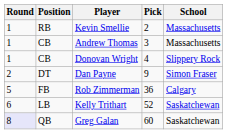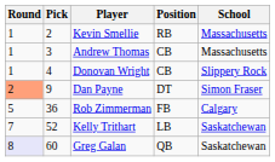 <table class="wikitable" style="font-size: 95%;">
 <tr>
 <th scope="col">Round</th>
+<th scope="col">Pick</th>
+<th scope="col">Player</th>
 <th scope="col">Position</th>
-<th scope="col">Player</th>
-<th scope="col">Pick</th>
 <th scope="col">School</th>
 </tr>
 <tr>
 <td>1</td>
+<td>2</td>
+<td><a href='#'>Kevin Smellie</a></td>
 <td>RB</td>
-<td><a href='#'>Kevin Smellie</a></td>
-<td>2</td>
 <td><a href='#'>Massachusetts</a></td>
 </tr>
 <tr>
 <td>1</td>
+<td>3</td>
+<td><a href='#'>Andrew Thomas</a></td>
 <td>CB</td>
-<td><a href='#'>Andrew Thomas</a></td>
-<td>3</td>
 <td>Massachusetts</td>
 </tr>
 <tr>
 <td>1</td>
+<td>4</td>
+<td><a href='#'>Donovan Wright</a></td>
 <td>CB</td>
-<td><a href='#'>Donovan Wright</a></td>
-<td>4</td>
 <td><a href='#'>Slippery Rock</a></td>
 </tr>
 <tr>
-<td>2</td>
+<td style="background: lightsalmon;">2</td>
+<td>9</td>
+<td><a href='#'>Dan Payne</a></td>
 <td>DT</td>
-<td><a href='#'>Dan Payne</a></td>
-<td>9</td>
 <td><a href='#'>Simon Fraser</a></td>
 </tr>
 <tr>
 <td>5</td>
+<td>36</td>
+<td><a href='#'>Rob Zimmerman</a></td>
 <td>FB</td>
-<td><a href='#'>Rob Zimmerman</a></td>
-<td>36</td>
 <td><a href='#'>Calgary</a></td>
 </tr>
 <tr>
-<td>6</td>
+<td>7</td>
+<td>52</td>
+<td><a href='#'>Kelly Trithart</a></td>
 <td>LB</td>
-<td><a href='#'>Kelly Trithart</a></td>
-<td>52</td>
 <td><a href='#'>Saskatchewan</a></td>
 </tr>
 <tr>
 <td style="background: lavender;">8</td>
+<td>60</td>
+<td><a href='#'>Greg Galan</a></td>
 <td>QB</td>
-<td><a href='#'>Greg Galan</a></td>
-<td>60</td>
 <td>Saskatchewan</td>
 </tr>
 </table>
